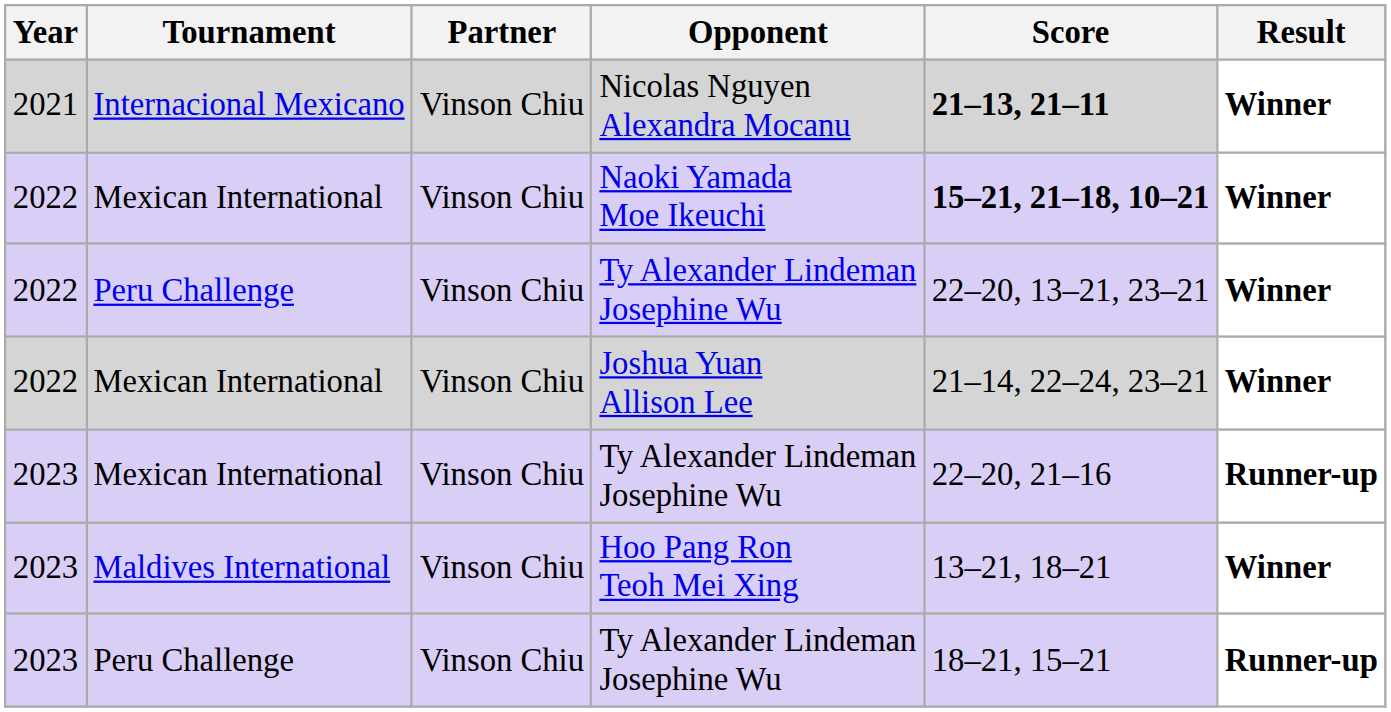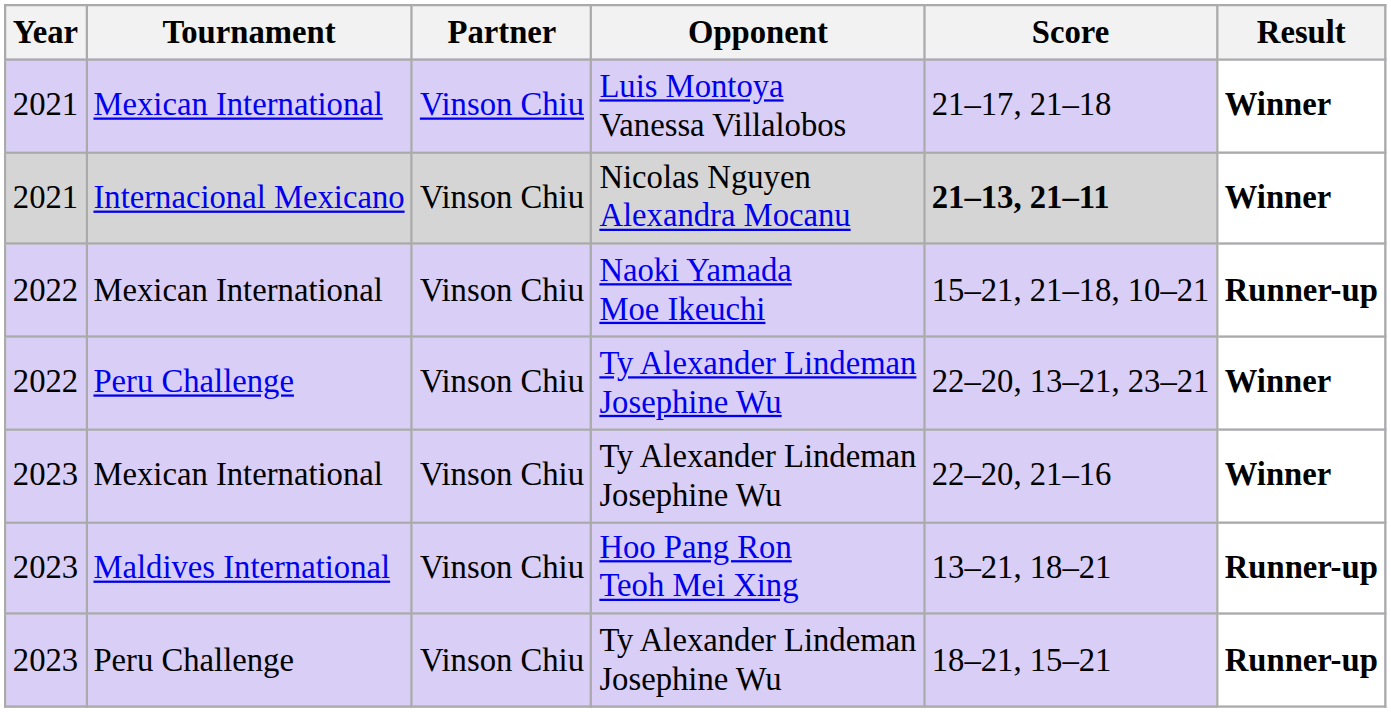 <table class="sortable wikitable" style="font-size: 90%;">
 <tr>
 <th>Year</th>
 <th>Tournament</th>
 <th>Partner</th>
 <th>Opponent</th>
 <th>Score</th>
 <th>Result</th>
+</tr>
+<tr style="background:#D8CEF6">
+<td align="center">2021</td>
+<td align="left"><a href='#'>Mexican International</a></td>
+<td align="left"> <a href='#'>Vinson Chiu</a></td>
+<td align="left"> <a href='#'>Luis Montoya</a><br> Vanessa Villalobos</td>
+<td align="left">21–17, 21–18</td>
+<td style="text-align:left; background:white"> <strong>Winner</strong></td>
 </tr>
 <tr style="background:#D5D5D5">
 <td align="center">2021</td>
 <td align="left"><a href='#'>Internacional Mexicano</a></td>
 <td align="left"> Vinson Chiu</td>
 <td align="left"> Nicolas Nguyen<br> <a href='#'>Alexandra Mocanu</a></td>
 <td align="left"><strong>21–13, 21–11</strong></td>
 <td style="text-align:left; background:white"> <strong>Winner</strong></td>
 </tr>
 <tr style="background:#D8CEF6">
 <td align="center">2022</td>
 <td align="left">Mexican International</td>
 <td align="left"> Vinson Chiu</td>
 <td align="left"> <a href='#'>Naoki Yamada</a><br> <a href='#'>Moe Ikeuchi</a></td>
-<td align="left"><strong>15–21, 21–18, 10–21</strong></td>
-<td style="text-align:left; background:white"> <strong>Winner</strong></td>
+<td align="left">15–21, 21–18, 10–21</td>
+<td style="text-align:left; background:white"> <strong>Runner-up</strong></td>
 </tr>
 <tr style="background:#D8CEF6">
 <td align="center">2022</td>
 <td align="left"><a href='#'>Peru Challenge</a></td>
 <td align="left"> Vinson Chiu</td>
 <td align="left"> <a href='#'>Ty Alexander Lindeman</a><br> <a href='#'>Josephine Wu</a></td>
 <td align="left">22–20, 13–21, 23–21</td>
 <td style="text-align:left; background:white"> <strong>Winner</strong></td>
 </tr>
-<tr style="background:#D5D5D5">
-<td align="center">2022</td>
-<td align="left">Mexican International</td>
-<td align="left"> Vinson Chiu</td>
-<td align="left"> <a href='#'>Joshua Yuan</a><br> <a href='#'>Allison Lee</a></td>
-<td align="left">21–14, 22–24, 23–21</td>
-<td style="text-align:left; background:white"> <strong>Winner</strong></td>
-</tr>
 <tr style="background:#D8CEF6">
 <td align="center">2023</td>
 <td align="left">Mexican International</td>
 <td align="left"> Vinson Chiu</td>
 <td align="left"> Ty Alexander Lindeman<br> Josephine Wu</td>
 <td align="left">22–20, 21–16</td>
-<td style="text-align:left; background:white"> <strong>Runner-up</strong></td>
+<td style="text-align:left; background:white"> <strong>Winner</strong></td>
 </tr>
 <tr style="background:#D8CEF6">
 <td align="center">2023</td>
 <td align="left"><a href='#'>Maldives International</a></td>
 <td align="left"> Vinson Chiu</td>
 <td align="left"> <a href='#'>Hoo Pang Ron</a><br> <a href='#'>Teoh Mei Xing</a></td>
 <td align="left">13–21, 18–21</td>
-<td style="text-align:left; background:white"> <strong>Winner</strong></td>
+<td style="text-align:left; background:white"> <strong>Runner-up</strong></td>
 </tr>
 <tr style="background:#D8CEF6">
 <td align="center">2023</td>
 <td align="left">Peru Challenge</td>
 <td align="left"> Vinson Chiu</td>
 <td align="left"> Ty Alexander Lindeman<br> Josephine Wu</td>
 <td align="left">18–21, 15–21</td>
 <td style="text-align:left; background:white"> <strong>Runner-up</strong></td>
 </tr>
 </table>
